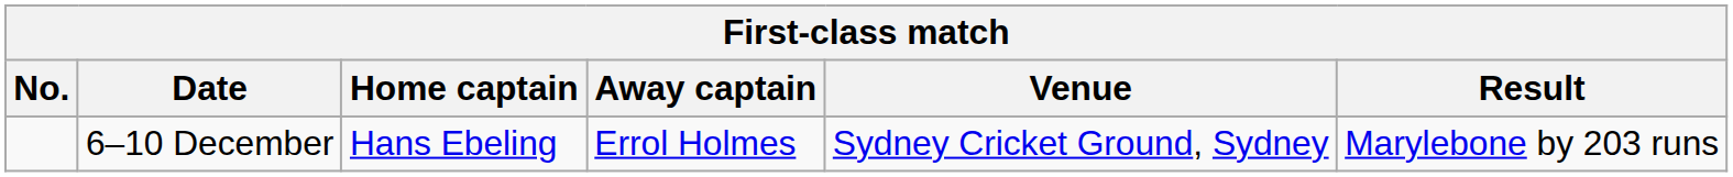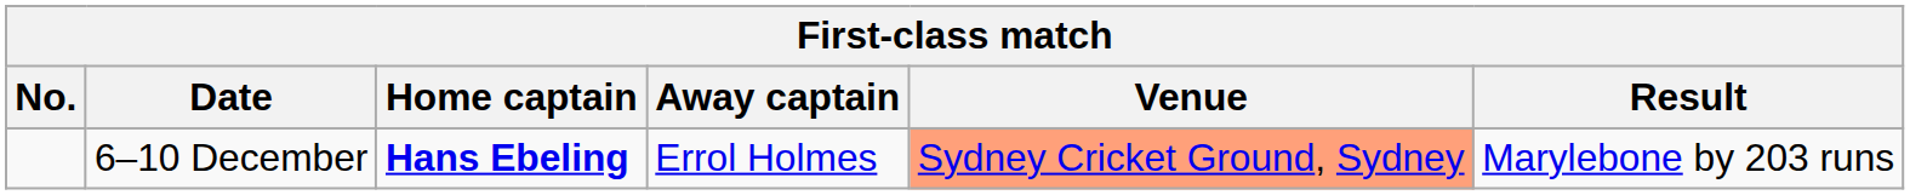 <table class="wikitable">
 <tr>
 <th colspan="9">First-class match</th>
 </tr>
 <tr>
 <th>No.</th>
 <th>Date</th>
 <th>Home captain</th>
 <th>Away captain</th>
 <th>Venue</th>
 <th>Result</th>
 </tr>
 <tr>
 <td></td>
 <td>6–10 December</td>
-<td><a href='#'>Hans Ebeling</a></td>
+<td><strong><a href='#'>Hans Ebeling</a></strong></td>
 <td><a href='#'>Errol Holmes</a></td>
-<td><a href='#'>Sydney Cricket Ground</a>, <a href='#'>Sydney</a></td>
+<td style="background: lightsalmon;"><a href='#'>Sydney Cricket Ground</a>, <a href='#'>Sydney</a></td>
 <td><a href='#'>Marylebone</a> by 203 runs</td>
 </tr>
 </table>
